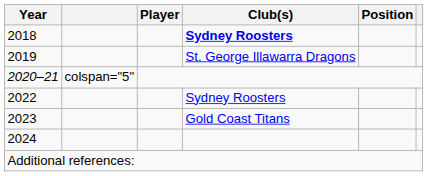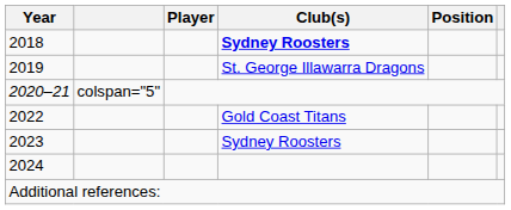 <table class="wikitable sortable">
 <tr>
 <th scope="col">Year</th>
 <th scope="col"></th>
 <th scope="col">Player</th>
 <th scope="col">Club(s)</th>
 <th scope="col">Position</th>
 <th scope="col" class="unsortable"></th>
 </tr>
 <tr>
 <td>2018</td>
 <td></td>
 <td></td>
 <td><strong><a href='#'>Sydney Roosters</a></strong></td>
 <td></td>
 <td></td>
 </tr>
 <tr>
 <td>2019</td>
 <td></td>
 <td></td>
 <td><a href='#'>St. George Illawarra Dragons</a></td>
 <td></td>
 <td></td>
 </tr>
 <tr>
 <td><em>2020–21</em></td>
 <td>colspan="5" </td>
 </tr>
 <tr>
 <td>2022</td>
 <td></td>
 <td></td>
-<td><a href='#'>Sydney Roosters</a></td>
+<td><a href='#'>Gold Coast Titans</a></td>
 <td></td>
 <td></td>
 </tr>
 <tr>
 <td>2023</td>
 <td></td>
 <td></td>
-<td><a href='#'>Gold Coast Titans</a></td>
+<td><a href='#'>Sydney Roosters</a></td>
 <td></td>
 <td></td>
 </tr>
 <tr>
 <td>2024</td>
 <td></td>
 <td></td>
 <td></td>
 <td></td>
 <td></td>
 </tr>
 <tr>
 <td colspan=6>Additional references:</td>
 </tr>
 </table>
